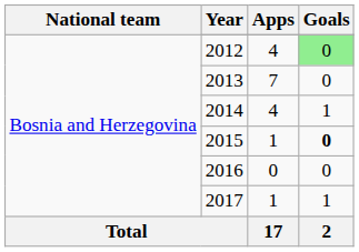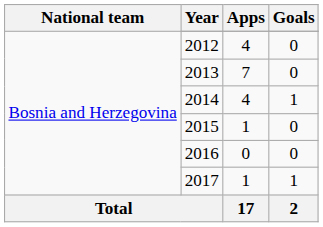 <table class="wikitable" style="text-align: center;">
 <tr>
 <th>National team</th>
 <th>Year</th>
 <th>Apps</th>
 <th>Goals</th>
 </tr>
 <tr>
 <td rowspan="7"><a href='#'>Bosnia and Herzegovina</a></td>
 </tr>
 <tr>
 <td>2012</td>
 <td>4</td>
-<td style="background: lightgreen;">0</td>
+<td>0</td>
 </tr>
 <tr>
 <td>2013</td>
 <td>7</td>
 <td>0</td>
 </tr>
 <tr>
 <td>2014</td>
 <td>4</td>
 <td>1</td>
 </tr>
 <tr>
 <td>2015</td>
 <td>1</td>
-<td><strong>0</strong></td>
+<td>0</td>
 </tr>
 <tr>
 <td>2016</td>
 <td>0</td>
 <td>0</td>
 </tr>
 <tr>
 <td>2017</td>
 <td>1</td>
 <td>1</td>
 </tr>
 <tr>
 <th colspan="2">Total</th>
 <th>17</th>
 <th>2</th>
 </tr>
 </table>
